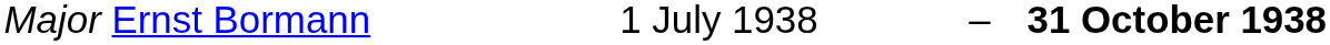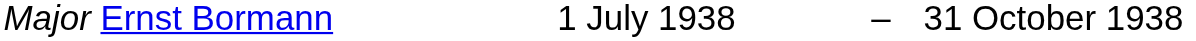 <table>
 <tr>
 <th style="width: 250px;"></th>
 <th style="width: 140px;"></th>
 <th style="width: 20px;"></th>
 <th style="width: 140px;"></th>
 </tr>
 <tr>
 <td><em>Major</em> <a href='#'>Ernst Bormann</a></td>
 <td>1 July 1938</td>
 <td>–</td>
-<td><strong>31 October 1938</strong></td>
+<td>31 October 1938</td>
 </tr>
 </table>
